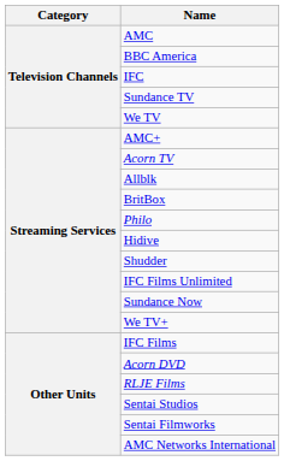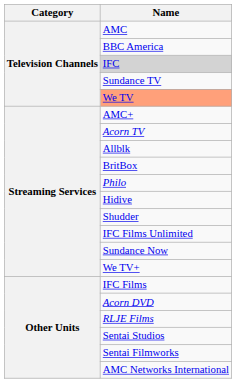 <table class="wikitable sortable">
 <tr>
 <th>Category</th>
 <th>Name</th>
 </tr>
 <tr>
 <th rowspan="5">Television Channels</th>
 <td><a href='#'>AMC</a></td>
 </tr>
 <tr>
 <td><a href='#'>BBC America</a></td>
 </tr>
 <tr>
-<td><a href='#'>IFC</a></td>
+<td style="background: lightgrey;"><a href='#'>IFC</a></td>
 </tr>
 <tr>
 <td><a href='#'>Sundance TV</a></td>
 </tr>
 <tr>
-<td><a href='#'>We TV</a></td>
+<td style="background: lightsalmon;"><a href='#'>We TV</a></td>
 </tr>
 <tr>
 <th rowspan="10">Streaming Services</th>
 <td><a href='#'>AMC+</a></td>
 </tr>
 <tr>
 <td><a href='#'><em>Acorn TV</em></a></td>
 </tr>
 <tr>
 <td><a href='#'>Allblk</a></td>
 </tr>
 <tr>
 <td><a href='#'>BritBox</a></td>
 </tr>
 <tr>
 <td><a href='#'><em>Philo</em></a></td>
 </tr>
 <tr>
 <td><a href='#'>Hidive</a></td>
 </tr>
 <tr>
 <td><a href='#'>Shudder</a></td>
 </tr>
 <tr>
 <td><a href='#'>IFC Films Unlimited</a></td>
 </tr>
 <tr>
 <td><a href='#'>Sundance Now</a></td>
 </tr>
 <tr>
 <td><a href='#'>We TV+</a></td>
 </tr>
 <tr>
 <th rowspan="6">Other Units</th>
 <td><a href='#'>IFC Films</a></td>
 </tr>
 <tr>
 <td><a href='#'><em>Acorn DVD</em></a></td>
 </tr>
 <tr>
 <td><a href='#'><em>RLJE Films</em></a></td>
 </tr>
 <tr>
 <td><a href='#'>Sentai Studios</a></td>
 </tr>
 <tr>
 <td><a href='#'>Sentai Filmworks</a></td>
 </tr>
 <tr>
 <td><a href='#'>AMC Networks International</a></td>
 </tr>
 </table>
